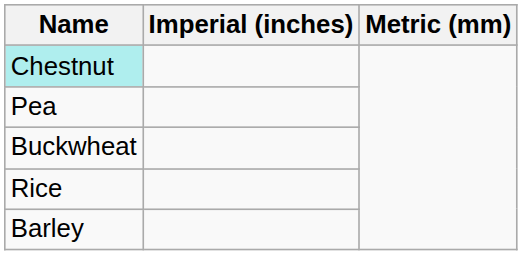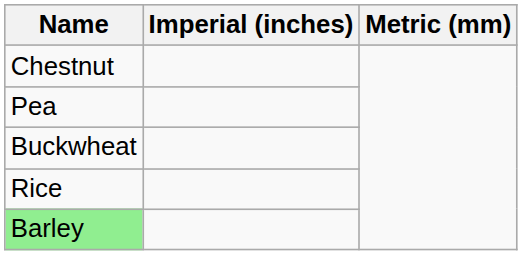 <table class="wikitable" style="clear:left">
 <tr>
 <th>Name</th>
 <th>Imperial (inches)</th>
 <th>Metric (mm)</th>
 </tr>
 <tr>
-<td style="background: paleturquoise;">Chestnut</td>
+<td>Chestnut</td>
 <td></td>
 </tr>
 <tr>
 <td>Pea</td>
 <td></td>
 </tr>
 <tr>
 <td>Buckwheat</td>
 <td></td>
 </tr>
 <tr>
 <td>Rice</td>
 <td></td>
 </tr>
 <tr>
-<td>Barley</td>
+<td style="background: lightgreen;">Barley</td>
 <td></td>
 </tr>
 </table>
